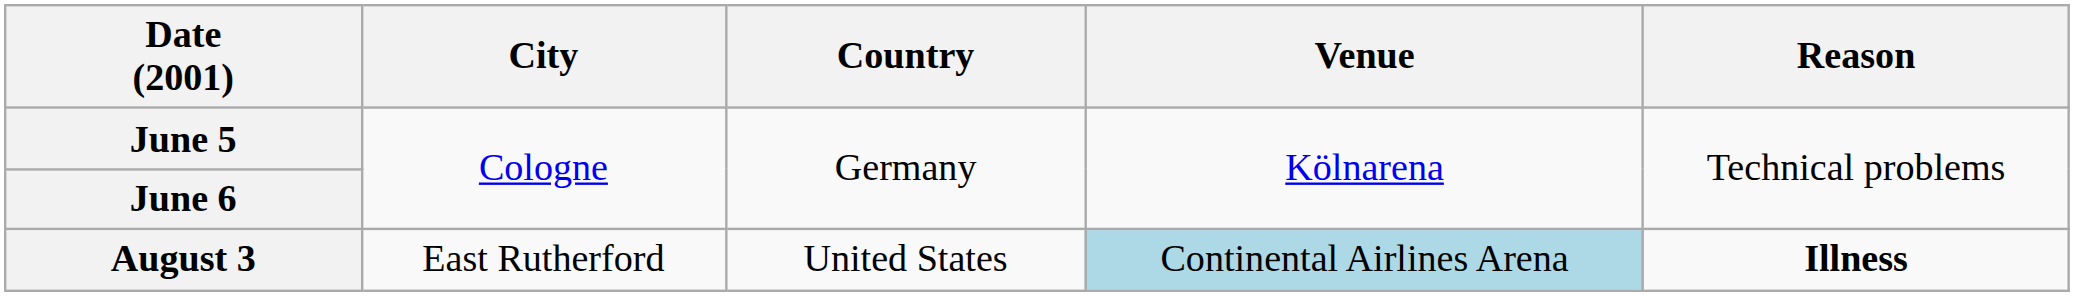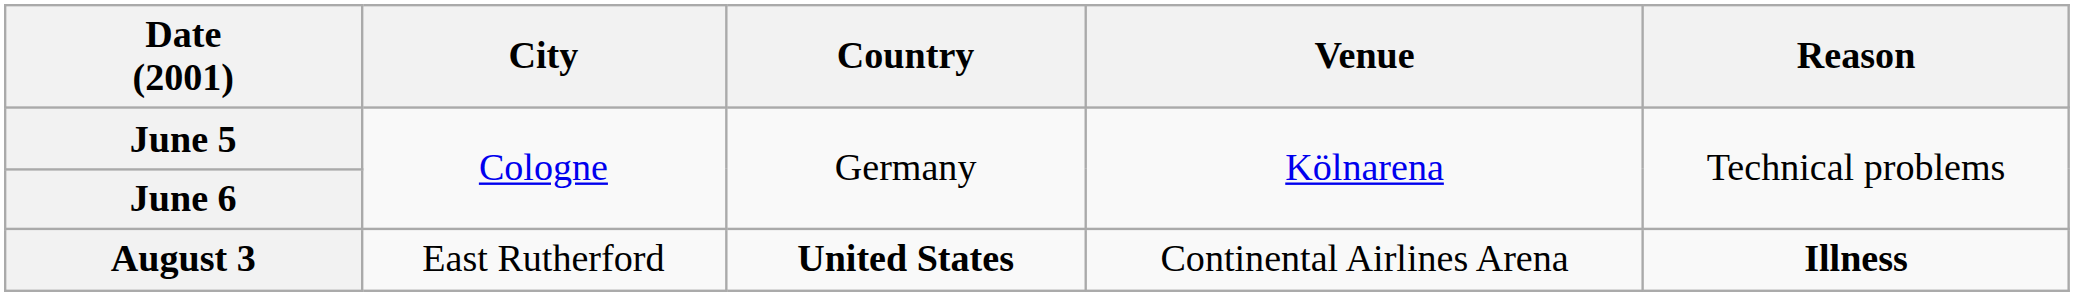 <table class="wikitable plainrowheaders" style="text-align:center;">
 <tr>
 <th scope="col" style="width:10em;">Date<br>(2001)</th>
 <th scope="col" style="width:10em;">City</th>
 <th scope="col" style="width:10em;">Country</th>
 <th scope="col" style="width:16em;">Venue</th>
 <th scope="col" style="width:12em;">Reason</th>
 </tr>
 <tr>
 <th scope="row" style="text-align:center;">June 5</th>
 <td rowspan="2"><a href='#'>Cologne</a></td>
 <td rowspan="2">Germany</td>
 <td rowspan="2"><a href='#'>Kölnarena</a></td>
 <td rowspan="2">Technical problems</td>
 </tr>
 <tr>
 <th scope="row" style="text-align:center;">June 6</th>
 </tr>
 <tr>
 <th scope="row" style="text-align:center;">August 3</th>
 <td>East Rutherford</td>
-<td>United States</td>
-<td style="background: lightblue;">Continental Airlines Arena</td>
+<td><strong>United States</strong></td>
+<td>Continental Airlines Arena</td>
 <td><strong>Illness</strong></td>
 </tr>
 </table>
